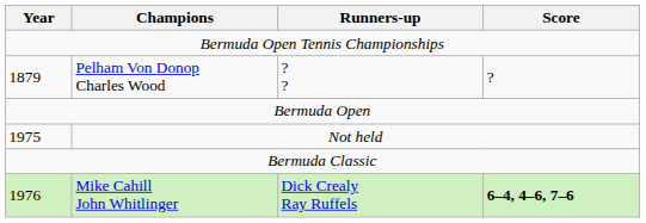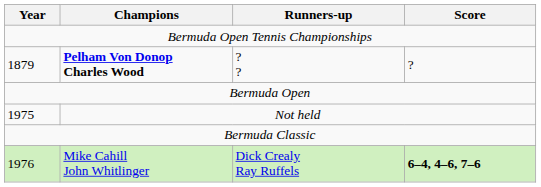 <table class="wikitable">
 <tr>
 <th style="width:60px">Year</th>
 <th style="width:200px">Champions</th>
 <th style="width:200px">Runners-up</th>
 <th style="width:150px" class="unsortable">Score</th>
 </tr>
 <tr>
 <td colspan=10 align=center><em>Bermuda Open Tennis Championships</em></td>
 </tr>
 <tr>
 <td>1879</td>
-<td> <a href='#'>Pelham Von Donop</a><br>  Charles Wood</td>
+<td><strong> <a href='#'>Pelham Von Donop</a><br>  Charles Wood</strong></td>
 <td>? <br> ?</td>
 <td>?</td>
 </tr>
 <tr>
 <td colspan=10 align=center><em>Bermuda Open</em></td>
 </tr>
 <tr>
 <td>1975</td>
 <td colspan=3 align=center><em>Not held</em></td>
 </tr>
 <tr>
 <td colspan=10 align=center><em>Bermuda Classic</em></td>
 </tr>
 <tr>
 <td bgcolor="d0f0c0">1976</td>
 <td bgcolor="d0f0c0"> <a href='#'>Mike Cahill</a> <br>  <a href='#'>John Whitlinger</a></td>
 <td bgcolor="d0f0c0"> <a href='#'>Dick Crealy</a> <br>  <a href='#'>Ray Ruffels</a></td>
 <td bgcolor="d0f0c0"><strong>6–4, 4–6, 7–6</strong></td>
 </tr>
 </table>
